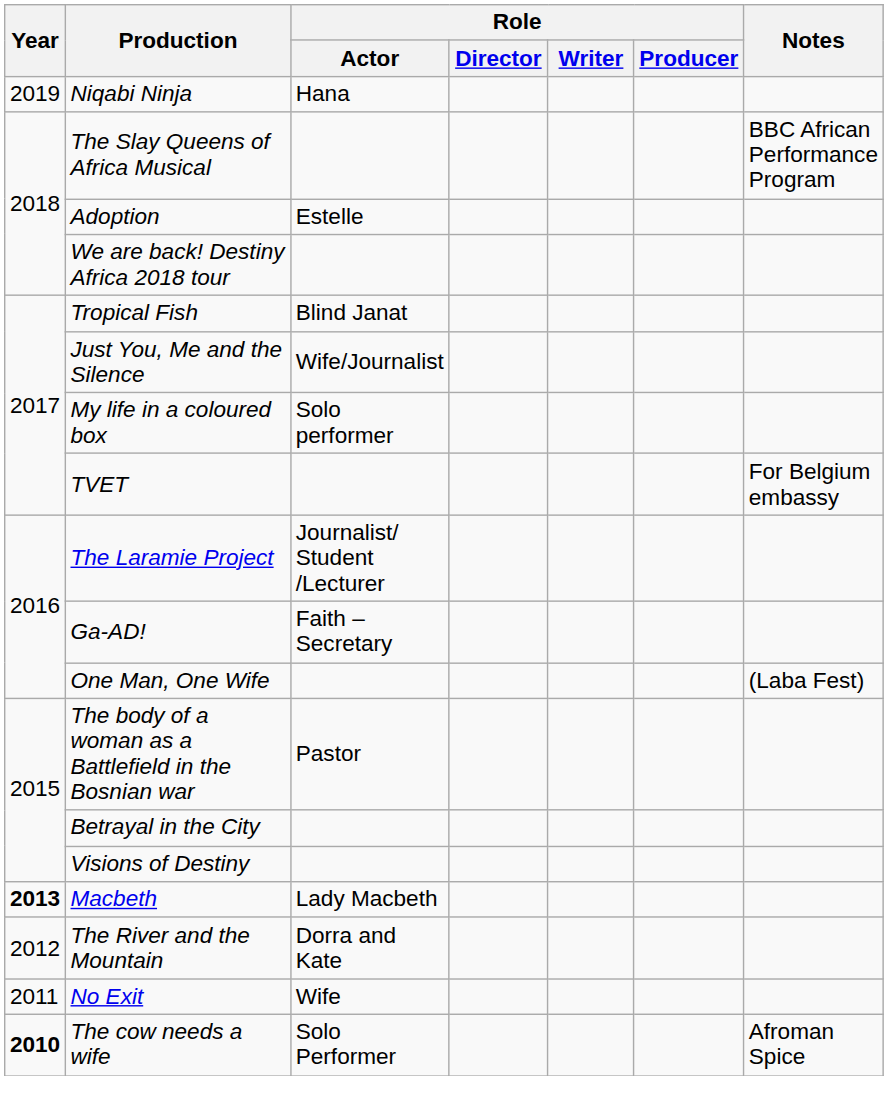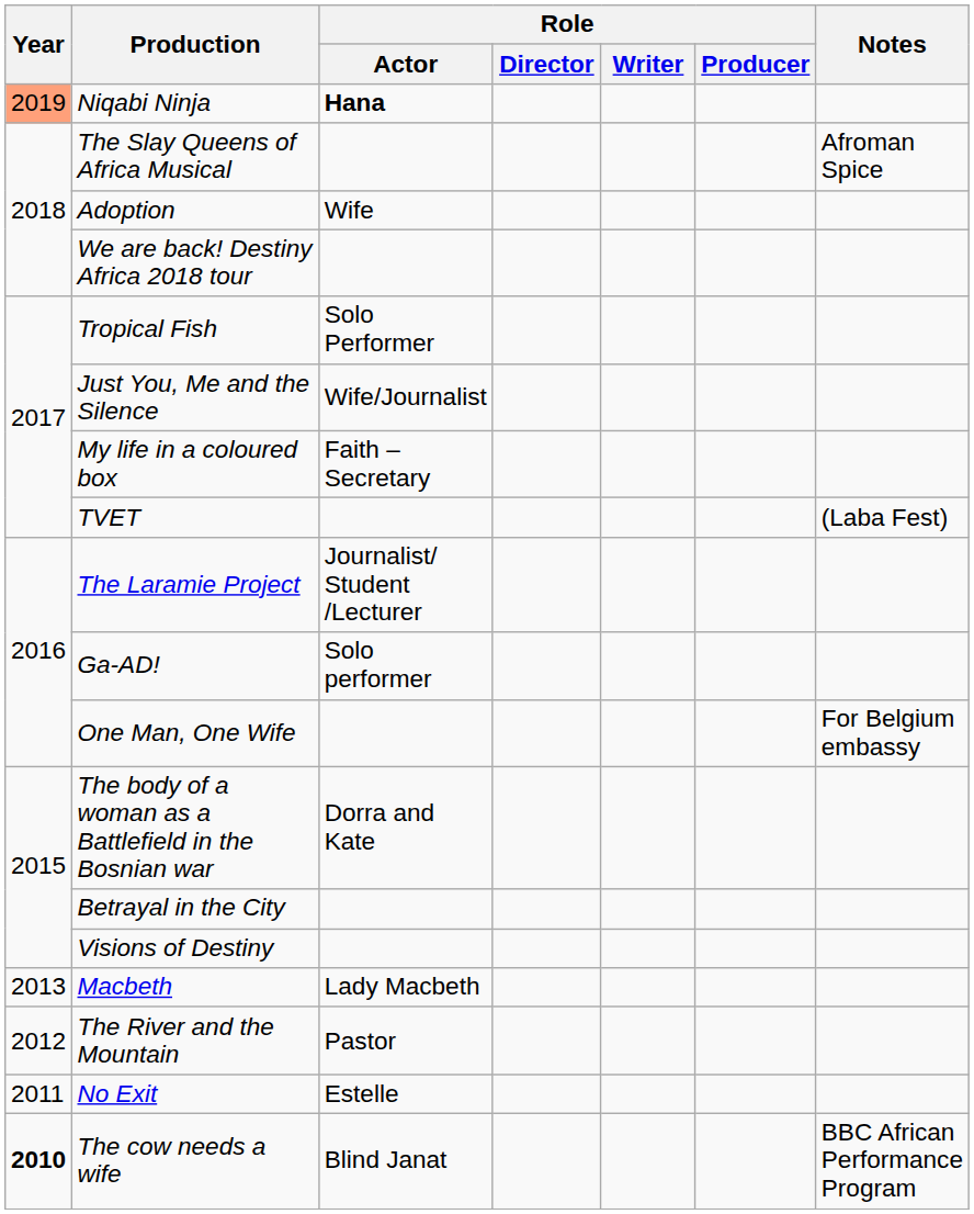 <table class="wikitable" style="margin-right: 0;">
 <tr>
 <th rowspan="2" style="width:33px;">Year</th>
 <th rowspan="2" style="width:250px;">Production</th>
 <th colspan="4">Role</th>
 <th rowspan="2">Notes</th>
 </tr>
 <tr>
 <th style="width:65px;">Actor</th>
 <th style="width:65px;"><a href='#'>Director</a></th>
 <th style="width:65px;"><a href='#'>Writer</a></th>
 <th style="width:65px;"><a href='#'>Producer</a></th>
 </tr>
 <tr>
-<td>2019</td>
+<td style="background: lightsalmon;">2019</td>
 <td><em>Niqabi Ninja</em></td>
-<td>Hana</td>
+<td><strong>Hana</strong></td>
 <td></td>
 <td></td>
 <td></td>
 </tr>
 <tr>
 <td rowspan="3">2018</td>
 <td><em> The Slay Queens of Africa Musical </em></td>
 <td></td>
 <td></td>
 <td></td>
 <td></td>
-<td>BBC African Performance Program</td>
+<td>Afroman Spice</td>
 </tr>
 <tr>
 <td><em> Adoption </em></td>
-<td>Estelle</td>
+<td>Wife</td>
 <td></td>
 <td></td>
 <td></td>
 <td></td>
 </tr>
 <tr>
 <td><em> We are back! Destiny Africa 2018 tour </em></td>
 <td></td>
 <td></td>
 <td></td>
 <td></td>
 <td></td>
 </tr>
 <tr>
 <td rowspan="4">2017</td>
 <td><em> Tropical Fish</em></td>
-<td>Blind Janat</td>
+<td>Solo Performer</td>
 <td></td>
 <td></td>
 <td></td>
 <td></td>
 </tr>
 <tr>
 <td><em> Just You, Me and the Silence </em></td>
 <td>Wife/Journalist</td>
 <td></td>
 <td></td>
 <td></td>
 <td></td>
 </tr>
 <tr>
 <td><em> My life in a coloured box </em></td>
-<td>Solo performer</td>
+<td>Faith – Secretary</td>
 <td></td>
 <td></td>
 <td></td>
 <td></td>
 </tr>
 <tr>
 <td><em> TVET </em></td>
 <td></td>
 <td></td>
 <td></td>
 <td></td>
-<td>For Belgium embassy</td>
+<td>(Laba Fest)</td>
 </tr>
 <tr>
 <td rowspan="3">2016</td>
 <td><em> <a href='#'>The Laramie Project</a> </em></td>
 <td>Journalist/ Student /Lecturer</td>
 <td></td>
 <td></td>
 <td></td>
 <td></td>
 </tr>
 <tr>
 <td><em> Ga-AD! </em></td>
-<td>Faith – Secretary</td>
+<td>Solo performer</td>
 <td></td>
 <td></td>
 <td></td>
 <td></td>
 </tr>
 <tr>
 <td><em> One Man, One Wife </em></td>
 <td></td>
 <td></td>
 <td></td>
 <td></td>
-<td>(Laba Fest)</td>
+<td>For Belgium embassy</td>
 </tr>
 <tr>
 <td rowspan="3">2015</td>
 <td><em> The body of a woman as a Battlefield in the Bosnian war </em></td>
-<td>Pastor</td>
+<td>Dorra and Kate</td>
 <td></td>
 <td></td>
 <td></td>
 <td></td>
 </tr>
 <tr .>
 <td><em> Betrayal in the City </em></td>
 <td></td>
 <td></td>
 <td></td>
 <td></td>
 <td></td>
 </tr>
 <tr>
 <td><em> Visions of Destiny </em></td>
 <td></td>
 <td></td>
 <td></td>
 <td></td>
 <td></td>
 </tr>
 <tr>
-<td><strong>2013</strong></td>
+<td>2013</td>
 <td><em> <a href='#'>Macbeth</a></em></td>
 <td>Lady Macbeth</td>
 <td></td>
 <td></td>
 <td></td>
 <td></td>
 </tr>
 <tr>
 <td>2012</td>
 <td><em> The River and the Mountain </em></td>
-<td>Dorra and Kate</td>
+<td>Pastor</td>
 <td></td>
 <td></td>
 <td></td>
 <td></td>
 </tr>
 <tr>
 <td>2011</td>
 <td><em> <a href='#'>No Exit</a> </em></td>
-<td>Wife</td>
+<td>Estelle</td>
 <td></td>
 <td></td>
 <td></td>
 <td></td>
 </tr>
 <tr>
 <td><strong>2010</strong></td>
 <td><em> The cow needs a wife </em></td>
-<td>Solo Performer</td>
+<td>Blind Janat</td>
 <td></td>
 <td></td>
 <td></td>
-<td>Afroman Spice</td>
+<td>BBC African Performance Program</td>
 </tr>
 <tr>
 </tr>
 </table>
